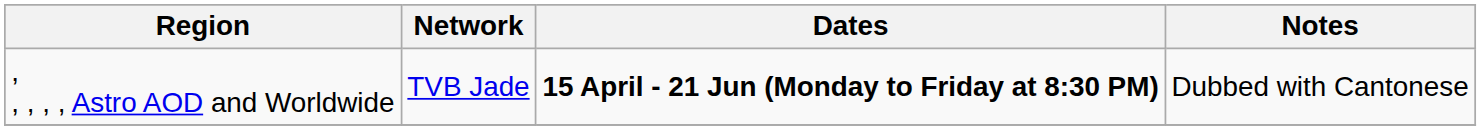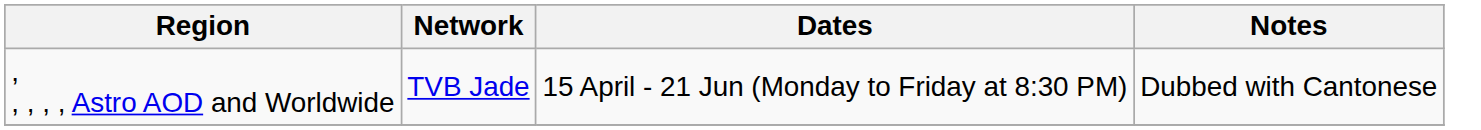 <table class="wikitable">
 <tr>
 <th>Region</th>
 <th>Network</th>
 <th>Dates</th>
 <th>Notes</th>
 </tr>
 <tr>
 <td>, <br>, , , ,  <a href='#'>Astro AOD</a> and Worldwide</td>
 <td><a href='#'>TVB Jade</a></td>
-<td><strong>15 April - 21 Jun (Monday to Friday at 8:30 PM)</strong></td>
+<td>15 April - 21 Jun (Monday to Friday at 8:30 PM)</td>
 <td>Dubbed with Cantonese</td>
 </tr>
 <tr>
 </tr>
 </table>
